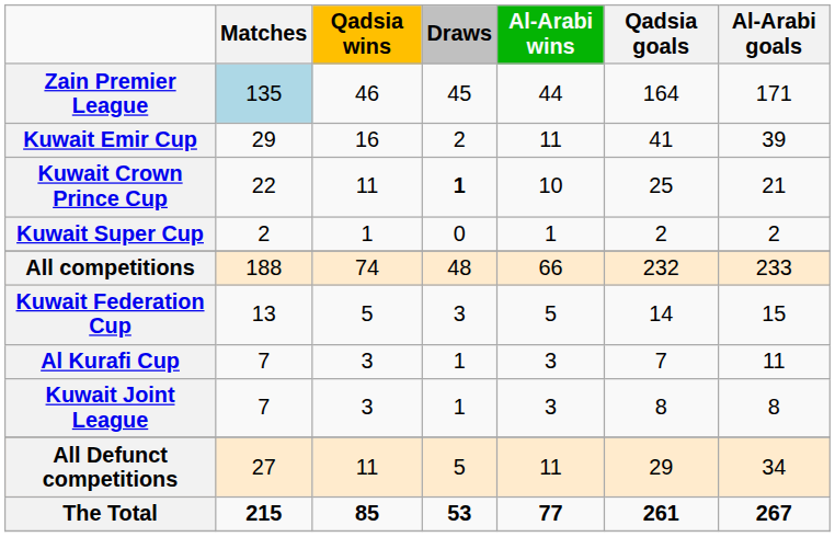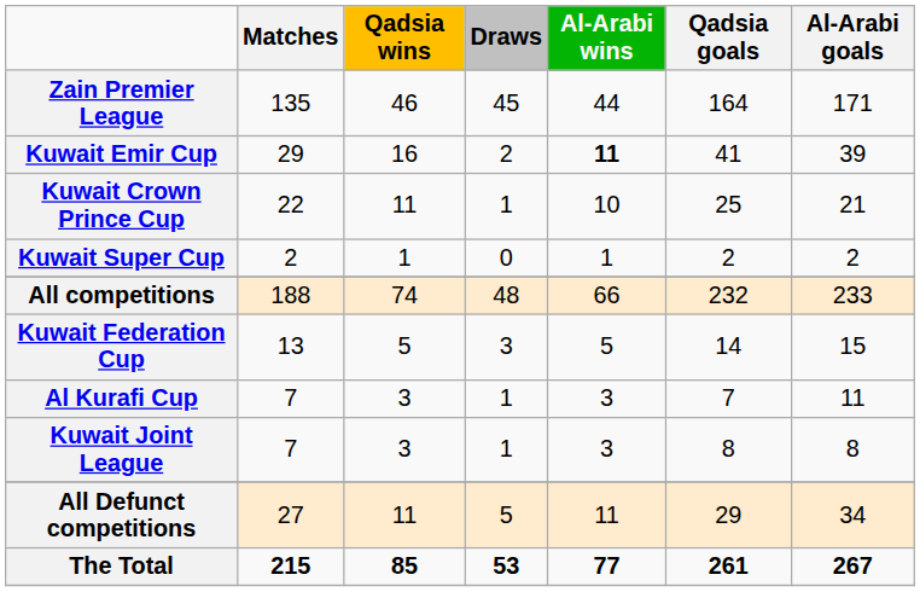 <table class="wikitable" style="text-align: center;">
 <tr>
 <td></td>
 <th>Matches</th>
 <th style="color:#000000; background-color:#FFBF00;">Qadsia  wins</th>
 <td style="background:silver;"><strong>Draws</strong></td>
 <th style="color:#FAFAFA; background-color:#04B404;">Al-Arabi wins</th>
 <th>Qadsia goals</th>
 <th>Al-Arabi goals</th>
 </tr>
 <tr>
 <th><a href='#'>Zain Premier League</a></th>
-<td style="background: lightblue;">135</td>
+<td>135</td>
 <td>46</td>
 <td>45</td>
 <td>44</td>
 <td>164</td>
 <td>171</td>
 </tr>
 <tr>
 <th><a href='#'>Kuwait Emir Cup</a></th>
 <td>29</td>
 <td>16</td>
 <td>2</td>
-<td>11</td>
+<td><strong>11</strong></td>
 <td>41</td>
 <td>39</td>
 </tr>
 <tr>
 <th><a href='#'>Kuwait Crown Prince Cup</a></th>
 <td>22</td>
 <td>11</td>
-<td><strong>1</strong></td>
+<td>1</td>
 <td>10</td>
 <td>25</td>
 <td>21</td>
 </tr>
 <tr>
 <th><a href='#'>Kuwait Super Cup</a></th>
 <td>2</td>
 <td>1</td>
 <td>0</td>
 <td>1</td>
 <td>2</td>
 <td>2</td>
 </tr>
 <tr>
 </tr>
 <tr bgcolor=blanchedalmond>
 <th>All competitions</th>
 <td>188</td>
 <td>74</td>
 <td>48</td>
 <td>66</td>
 <td>232</td>
 <td>233</td>
 </tr>
 <tr>
 <th><a href='#'>Kuwait Federation Cup</a></th>
 <td>13</td>
 <td>5</td>
 <td>3</td>
 <td>5</td>
 <td>14</td>
 <td>15</td>
 </tr>
 <tr>
 <th><a href='#'>Al Kurafi Cup</a></th>
 <td>7</td>
 <td>3</td>
 <td>1</td>
 <td>3</td>
 <td>7</td>
 <td>11</td>
 </tr>
 <tr>
 <th><a href='#'>Kuwait Joint League</a></th>
 <td>7</td>
 <td>3</td>
 <td>1</td>
 <td>3</td>
 <td>8</td>
 <td>8</td>
 </tr>
 <tr bgcolor=blanchedalmond>
 </tr>
 <tr bgcolor=blanchedalmond>
 <th>All Defunct competitions</th>
 <td>27</td>
 <td>11</td>
 <td>5</td>
 <td>11</td>
 <td>29</td>
 <td>34</td>
 </tr>
 <tr>
 <th>The Total</th>
 <td><strong>215</strong></td>
 <td><strong>85</strong></td>
 <td><strong>53</strong></td>
 <td><strong>77</strong></td>
 <td><strong>261</strong></td>
 <td><strong>267</strong></td>
 </tr>
 <tr>
 </tr>
 </table>
